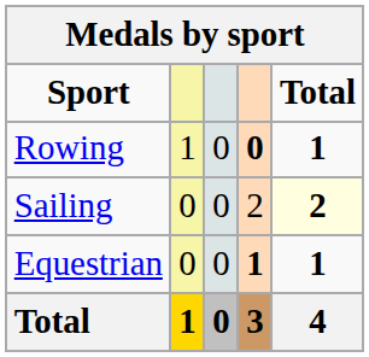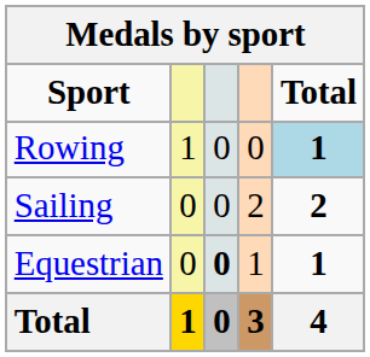 <table class="wikitable" style="text-align:center;font-size:90%">
 <tr style="background:#efefef;">
 <th colspan=7><strong>Medals by sport</strong></th>
 </tr>
 <tr>
 <td><strong>Sport</strong></td>
 <td bgcolor=#f7f6a8></td>
 <td bgcolor=#dce5e5></td>
 <td bgcolor=#ffdab9></td>
 <td><strong>Total</strong></td>
 </tr>
 <tr>
 <td style="text-align:left;"><a href='#'>Rowing</a></td>
 <td style="background:#F7F6A8;">1</td>
 <td style="background:#DCE5E5;">0</td>
-<td style="background:#FFDAB9;"><strong>0</strong></td>
-<td><strong>1</strong></td>
+<td style="background:#FFDAB9;">0</td>
+<td style="background: lightblue;"><strong>1</strong></td>
 </tr>
 <tr>
 <td style="text-align:left;"><a href='#'>Sailing</a></td>
 <td style="background:#F7F6A8;">0</td>
 <td style="background:#DCE5E5;">0</td>
 <td style="background:#FFDAB9;">2</td>
-<td style="background: lightyellow;"><strong>2</strong></td>
+<td><strong>2</strong></td>
 </tr>
 <tr>
 <td style="text-align:left;"><a href='#'>Equestrian</a></td>
 <td style="background:#F7F6A8;">0</td>
-<td style="background:#DCE5E5;">0</td>
-<td style="background:#FFDAB9;"><strong>1</strong></td>
+<td style="background:#DCE5E5;"><strong>0</strong></td>
+<td style="background:#FFDAB9;">1</td>
 <td><strong>1</strong></td>
 </tr>
 <tr>
 <th style="text-align:left;"><strong>Total</strong></th>
 <th style="background:gold;"><strong>1</strong></th>
 <th style="background:silver;"><strong>0</strong></th>
 <th style="background:#c96;"><strong>3</strong></th>
 <th><strong>4</strong></th>
 </tr>
 </table>
